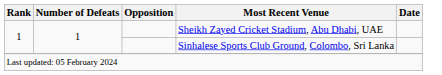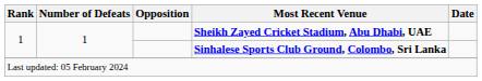 <table class="wikitable plainrowheaders sortable">
 <tr>
 <th scope=col>Rank</th>
 <th scope=col>Number of Defeats</th>
 <th scope=col>Opposition</th>
 <th scope=col>Most Recent Venue</th>
 <th scope=col>Date</th>
 </tr>
 <tr>
 <td rowspan="2" align="center">1</td>
 <td rowspan="2" align="center">1</td>
 <td></td>
-<td><a href='#'>Sheikh Zayed Cricket Stadium</a>, <a href='#'>Abu Dhabi</a>, UAE</td>
+<td><strong><a href='#'>Sheikh Zayed Cricket Stadium</a>, <a href='#'>Abu Dhabi</a>, UAE</strong></td>
 <td></td>
 </tr>
 <tr>
 <td></td>
-<td><a href='#'>Sinhalese Sports Club Ground</a>, <a href='#'>Colombo</a>, Sri Lanka</td>
+<td><strong><a href='#'>Sinhalese Sports Club Ground</a>, <a href='#'>Colombo</a>, Sri Lanka</strong></td>
 <td></td>
 </tr>
 <tr>
 </tr>
 <tr class=sortbottom>
 <td colspan=5><small>Last updated: 05 February 2024</small></td>
 </tr>
 </table>
